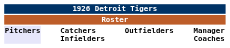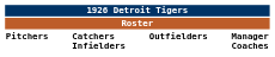 <table class="toccolours" style="font-size: 95%;">
 <tr>
 <th colspan="10" style="background-color: #003366; color: white; text-align: center;">1926 Detroit Tigers</th>
 </tr>
 <tr>
 <td colspan="10" style="background-color: #bd5d29; color: white; text-align: center;"><strong>Roster</strong></td>
 </tr>
 <tr>
-<td valign="top" style="background: lavender;"><strong>Pitchers</strong><br>            </td>
+<td valign="top"><strong>Pitchers</strong><br>            </td>
 <td width="25px"></td>
 <td valign="top"><strong>Catchers</strong><br>    <strong>Infielders</strong>        </td>
 <td width="25px"></td>
 <td valign="top"><strong>Outfielders</strong><br>    </td>
 <td width="25px"></td>
 <td valign="top"><strong>Manager</strong><br> <strong>Coaches</strong> </td>
 </tr>
 </table>
